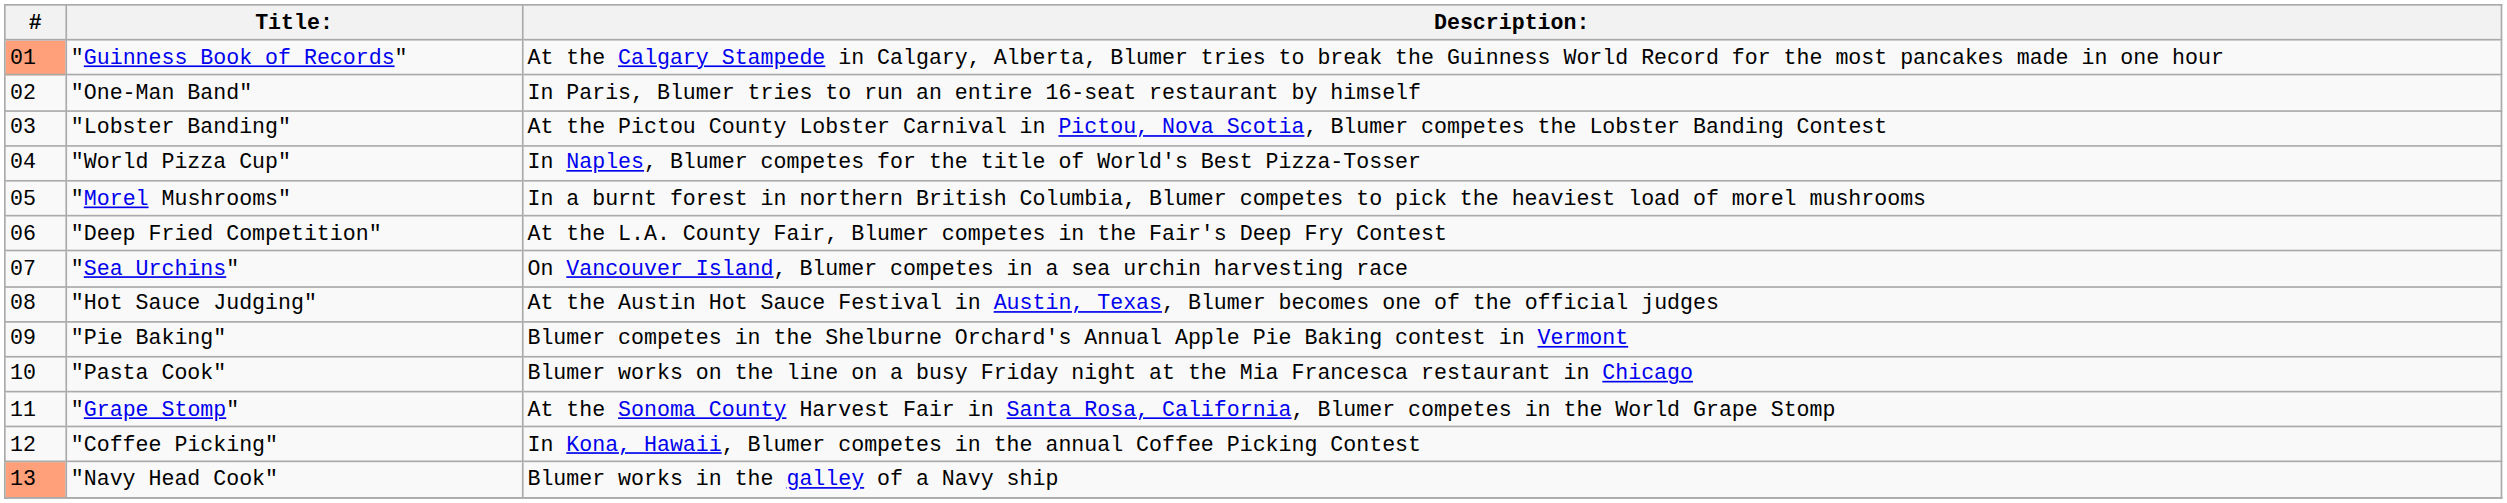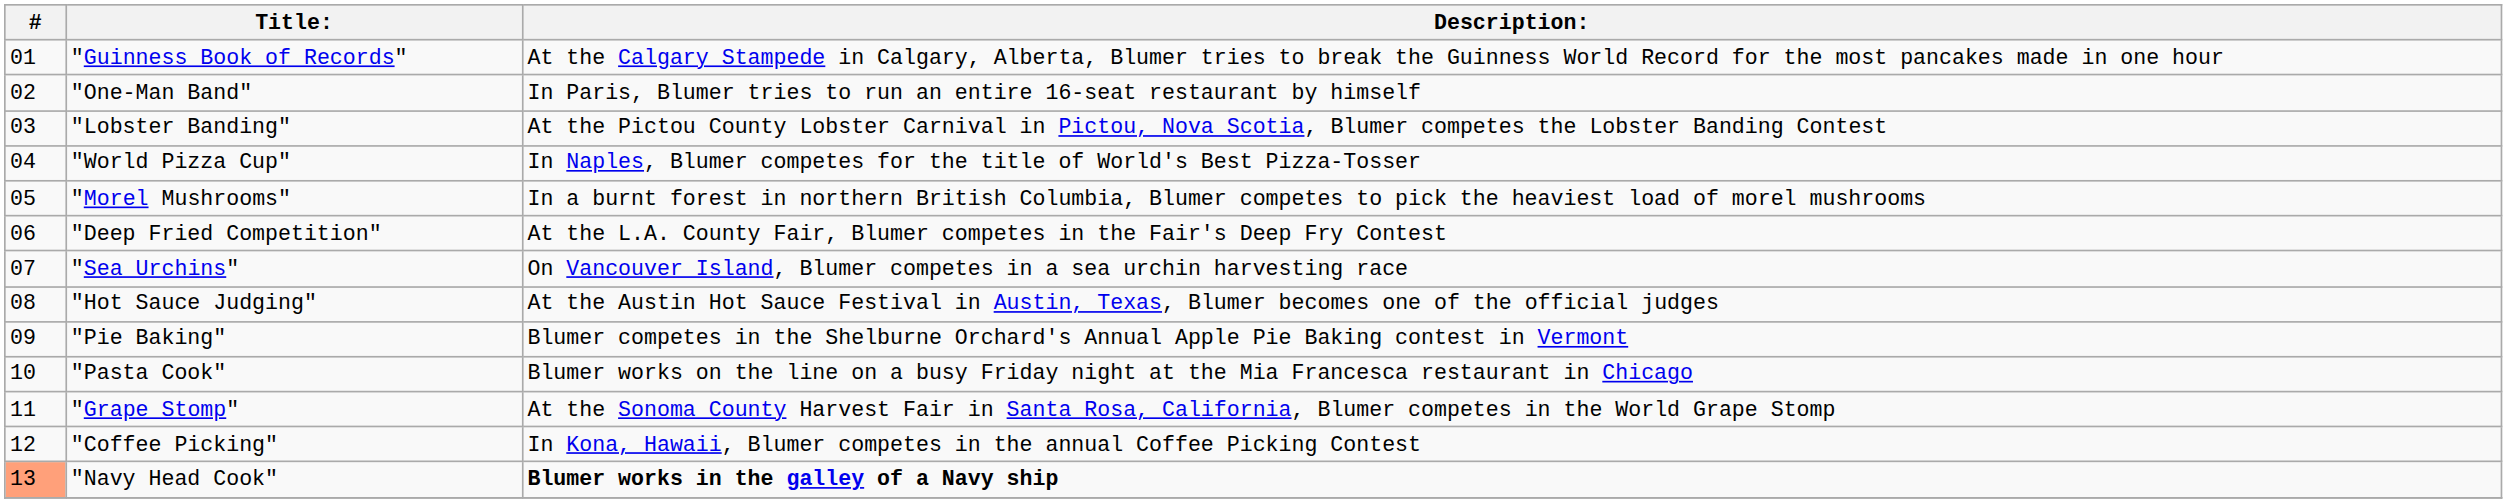 <table class="wikitable" style="width:95%;">
 <tr>
 <th width="2%"><strong>#</strong></th>
 <th width="15%"><strong>Title:</strong></th>
 <th width="65%"><strong>Description:</strong></th>
 </tr>
 <tr>
-<td nowrap="nowrap" style="background: lightsalmon;">01</td>
+<td nowrap="nowrap">01</td>
 <td>"<a href='#'>Guinness Book of Records</a>"</td>
 <td>At the <a href='#'>Calgary Stampede</a> in Calgary, Alberta, Blumer tries to break the Guinness World Record for the most pancakes made in one hour</td>
 </tr>
 <tr>
 <td nowrap="nowrap">02</td>
 <td>"One-Man Band"</td>
 <td>In Paris, Blumer tries to run an entire 16-seat restaurant by himself</td>
 </tr>
 <tr>
 <td nowrap="nowrap">03</td>
 <td>"Lobster Banding"</td>
 <td>At the Pictou County Lobster Carnival in <a href='#'>Pictou, Nova Scotia</a>, Blumer competes the Lobster Banding Contest</td>
 </tr>
 <tr>
 <td nowrap="nowrap">04</td>
 <td>"World Pizza Cup"</td>
 <td>In <a href='#'>Naples</a>, Blumer competes for the title of World's Best Pizza-Tosser</td>
 </tr>
 <tr>
 <td nowrap="nowrap">05</td>
 <td>"<a href='#'>Morel</a> Mushrooms"</td>
 <td>In a burnt forest in northern British Columbia, Blumer competes to pick the heaviest load of morel mushrooms</td>
 </tr>
 <tr>
 <td nowrap="nowrap">06</td>
 <td>"Deep Fried Competition"</td>
 <td>At the L.A. County Fair, Blumer competes in the Fair's Deep Fry Contest</td>
 </tr>
 <tr>
 <td nowrap="nowrap">07</td>
 <td>"<a href='#'>Sea Urchins</a>"</td>
 <td>On <a href='#'>Vancouver Island</a>, Blumer competes in a sea urchin harvesting race</td>
 </tr>
 <tr>
 <td nowrap="nowrap">08</td>
 <td>"Hot Sauce Judging"</td>
 <td>At the Austin Hot Sauce Festival in <a href='#'>Austin, Texas</a>, Blumer becomes one of the official judges</td>
 </tr>
 <tr>
 <td nowrap="nowrap">09</td>
 <td>"Pie Baking"</td>
 <td>Blumer competes in the Shelburne Orchard's Annual Apple Pie Baking contest in <a href='#'>Vermont</a></td>
 </tr>
 <tr>
 <td nowrap="nowrap">10</td>
 <td>"Pasta Cook"</td>
 <td>Blumer works on the line on a busy Friday night at the Mia Francesca restaurant in <a href='#'>Chicago</a></td>
 </tr>
 <tr>
 <td nowrap="nowrap">11</td>
 <td>"<a href='#'>Grape Stomp</a>"</td>
 <td>At the <a href='#'>Sonoma County</a> Harvest Fair in <a href='#'>Santa Rosa, California</a>,  Blumer competes in the World Grape Stomp</td>
 </tr>
 <tr>
 <td nowrap="nowrap">12</td>
 <td>"Coffee Picking"</td>
 <td>In <a href='#'>Kona, Hawaii</a>, Blumer competes in the annual Coffee Picking Contest</td>
 </tr>
 <tr>
 <td nowrap="nowrap" style="background: lightsalmon;">13</td>
 <td>"Navy Head Cook"</td>
-<td>Blumer works in the <a href='#'>galley</a> of a Navy ship</td>
+<td><strong>Blumer works in the <a href='#'>galley</a> of a Navy ship</strong></td>
 </tr>
 <tr>
 </tr>
 </table>
